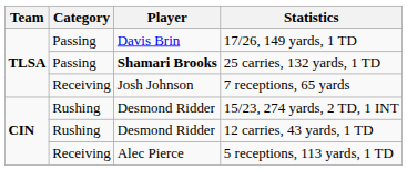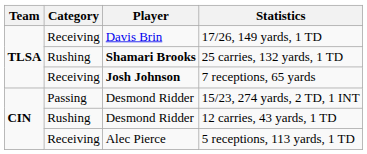 <table class="wikitable" style="float: left;">
 <tr>
 <th>Team</th>
 <th>Category</th>
 <th>Player</th>
 <th>Statistics</th>
 </tr>
 <tr>
 <td rowspan=3><strong>TLSA</strong></td>
-<td>Passing</td>
+<td>Receiving</td>
 <td><a href='#'>Davis Brin</a></td>
 <td>17/26, 149 yards, 1 TD</td>
 </tr>
 <tr>
-<td>Passing</td>
+<td>Rushing</td>
 <td><strong>Shamari Brooks</strong></td>
 <td>25 carries, 132 yards, 1 TD</td>
 </tr>
 <tr>
 <td>Receiving</td>
-<td>Josh Johnson</td>
+<td><strong>Josh Johnson</strong></td>
 <td>7 receptions, 65 yards</td>
 </tr>
 <tr>
 <td rowspan=3><strong>CIN</strong></td>
-<td>Rushing</td>
+<td>Passing</td>
 <td>Desmond Ridder</td>
 <td>15/23, 274 yards, 2 TD, 1 INT</td>
 </tr>
 <tr>
 <td>Rushing</td>
 <td>Desmond Ridder</td>
 <td>12 carries, 43 yards, 1 TD</td>
 </tr>
 <tr>
 <td>Receiving</td>
 <td>Alec Pierce</td>
 <td>5 receptions, 113 yards, 1 TD</td>
 </tr>
 </table>
